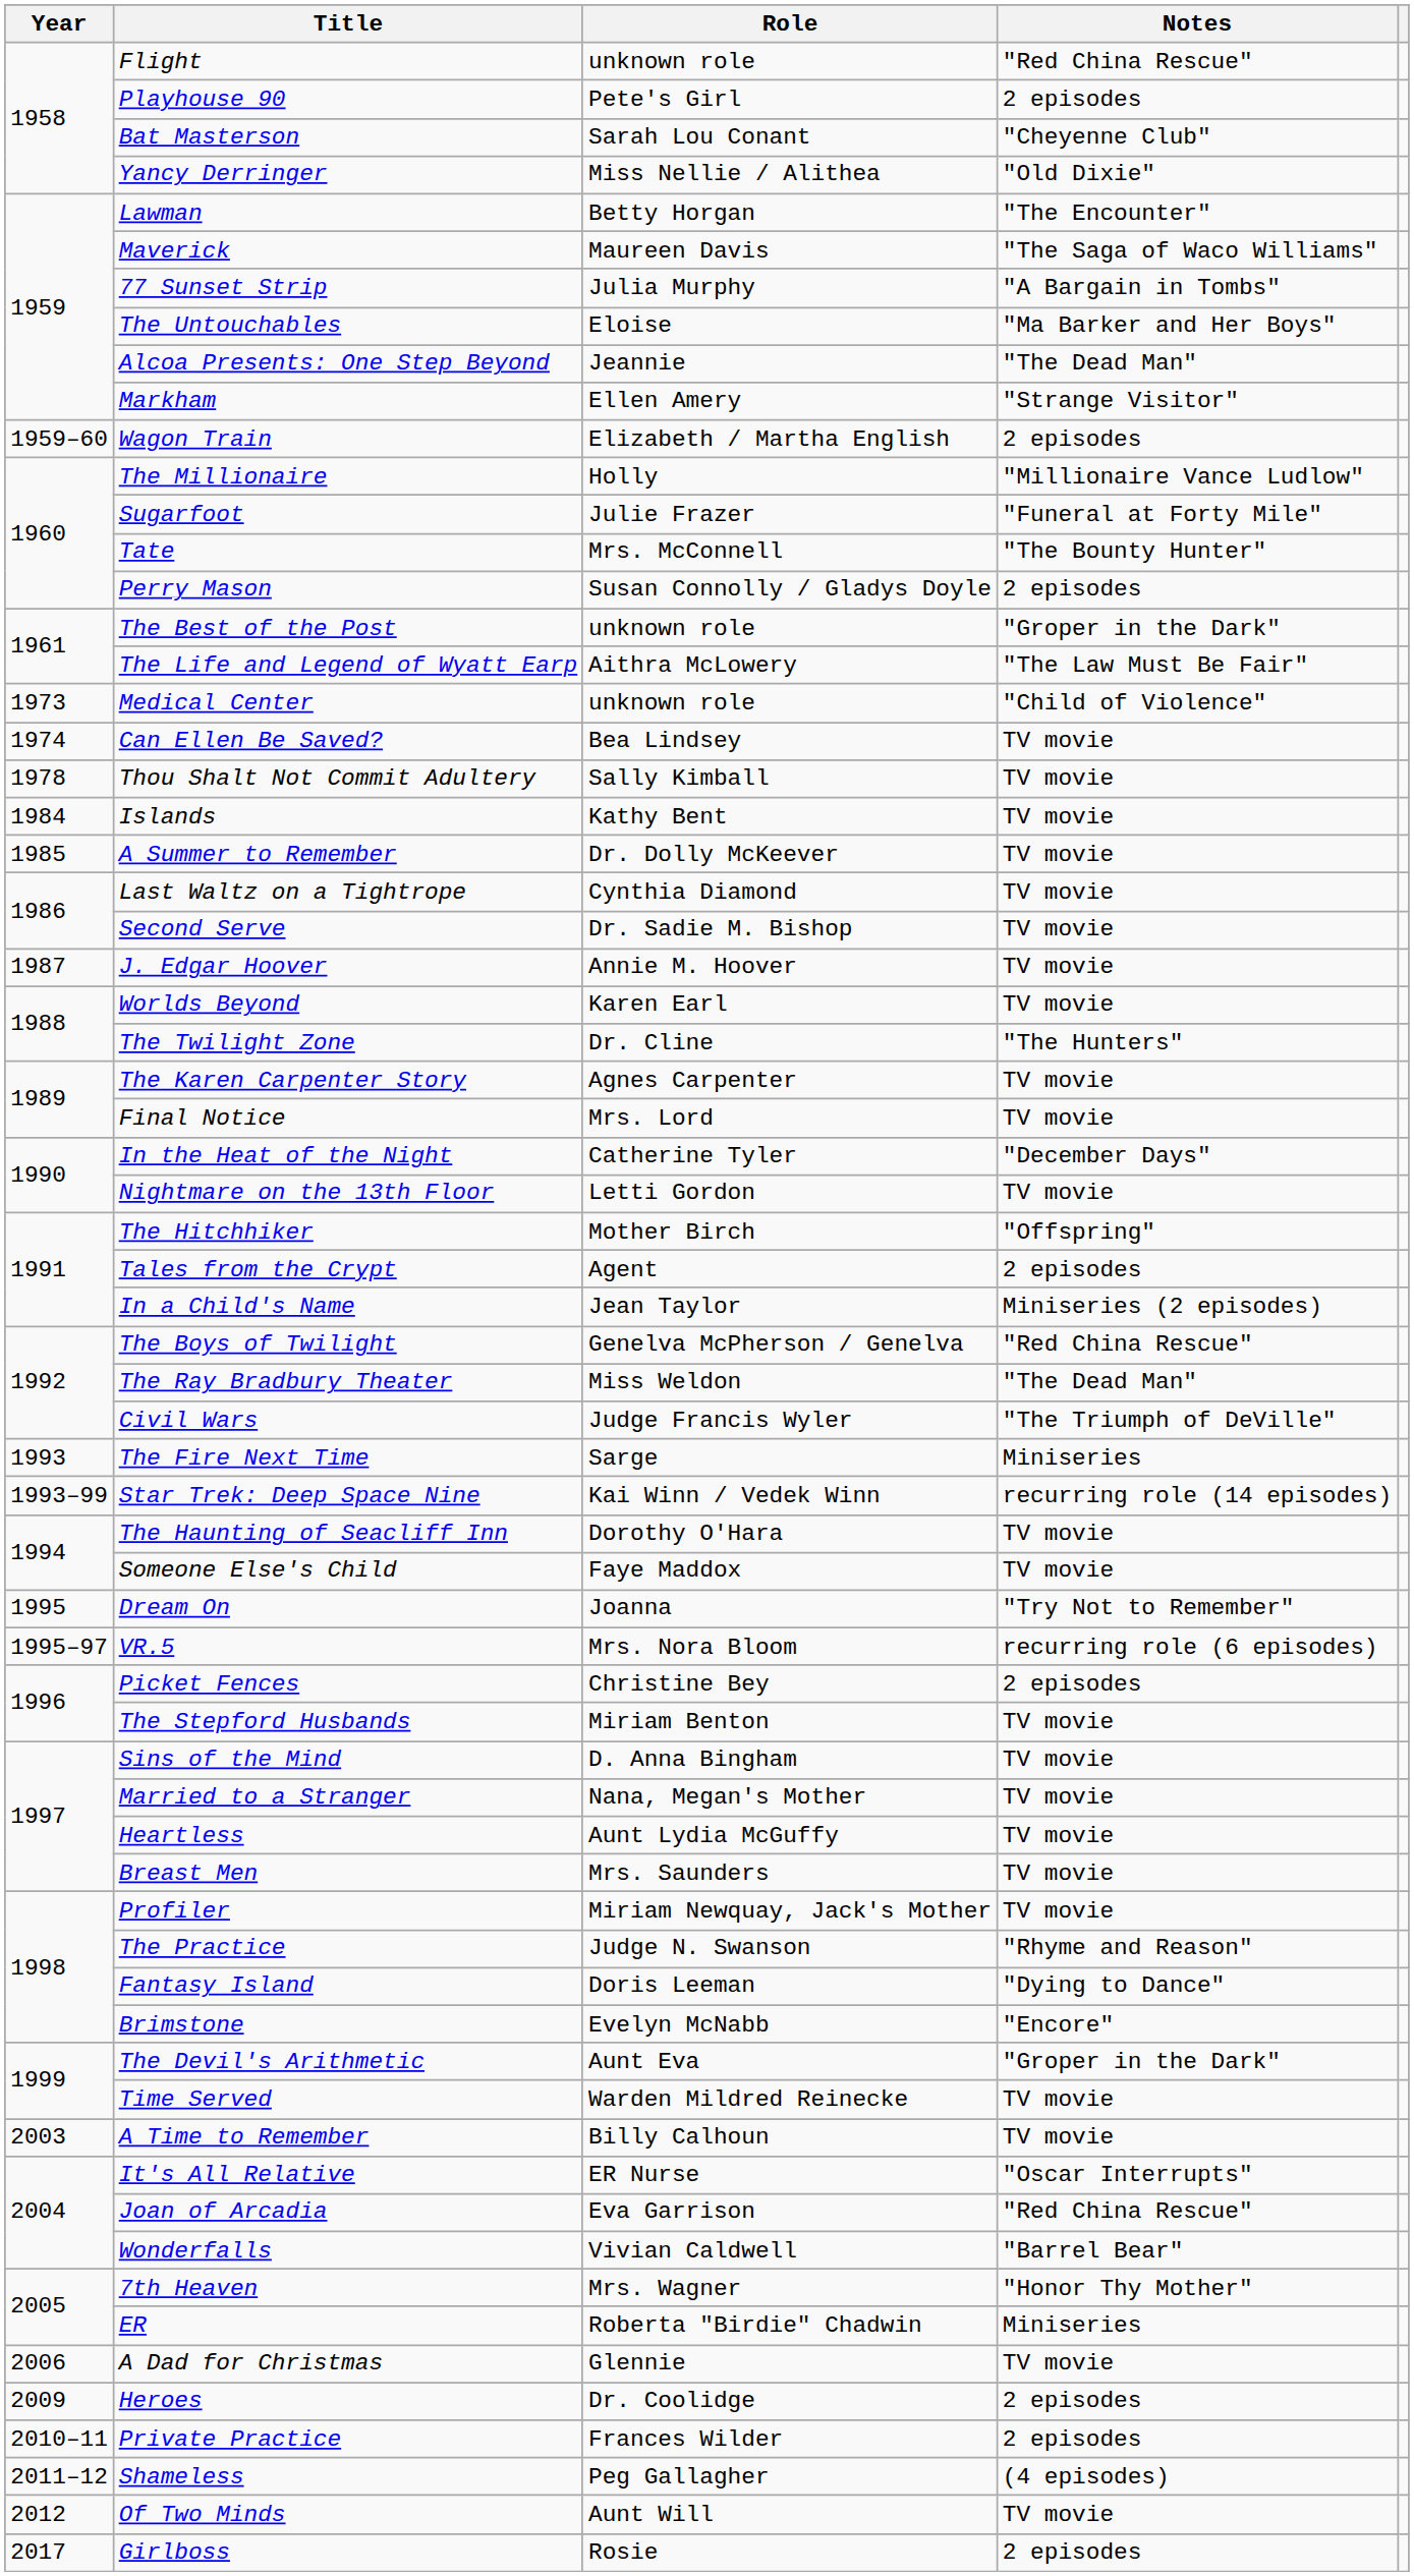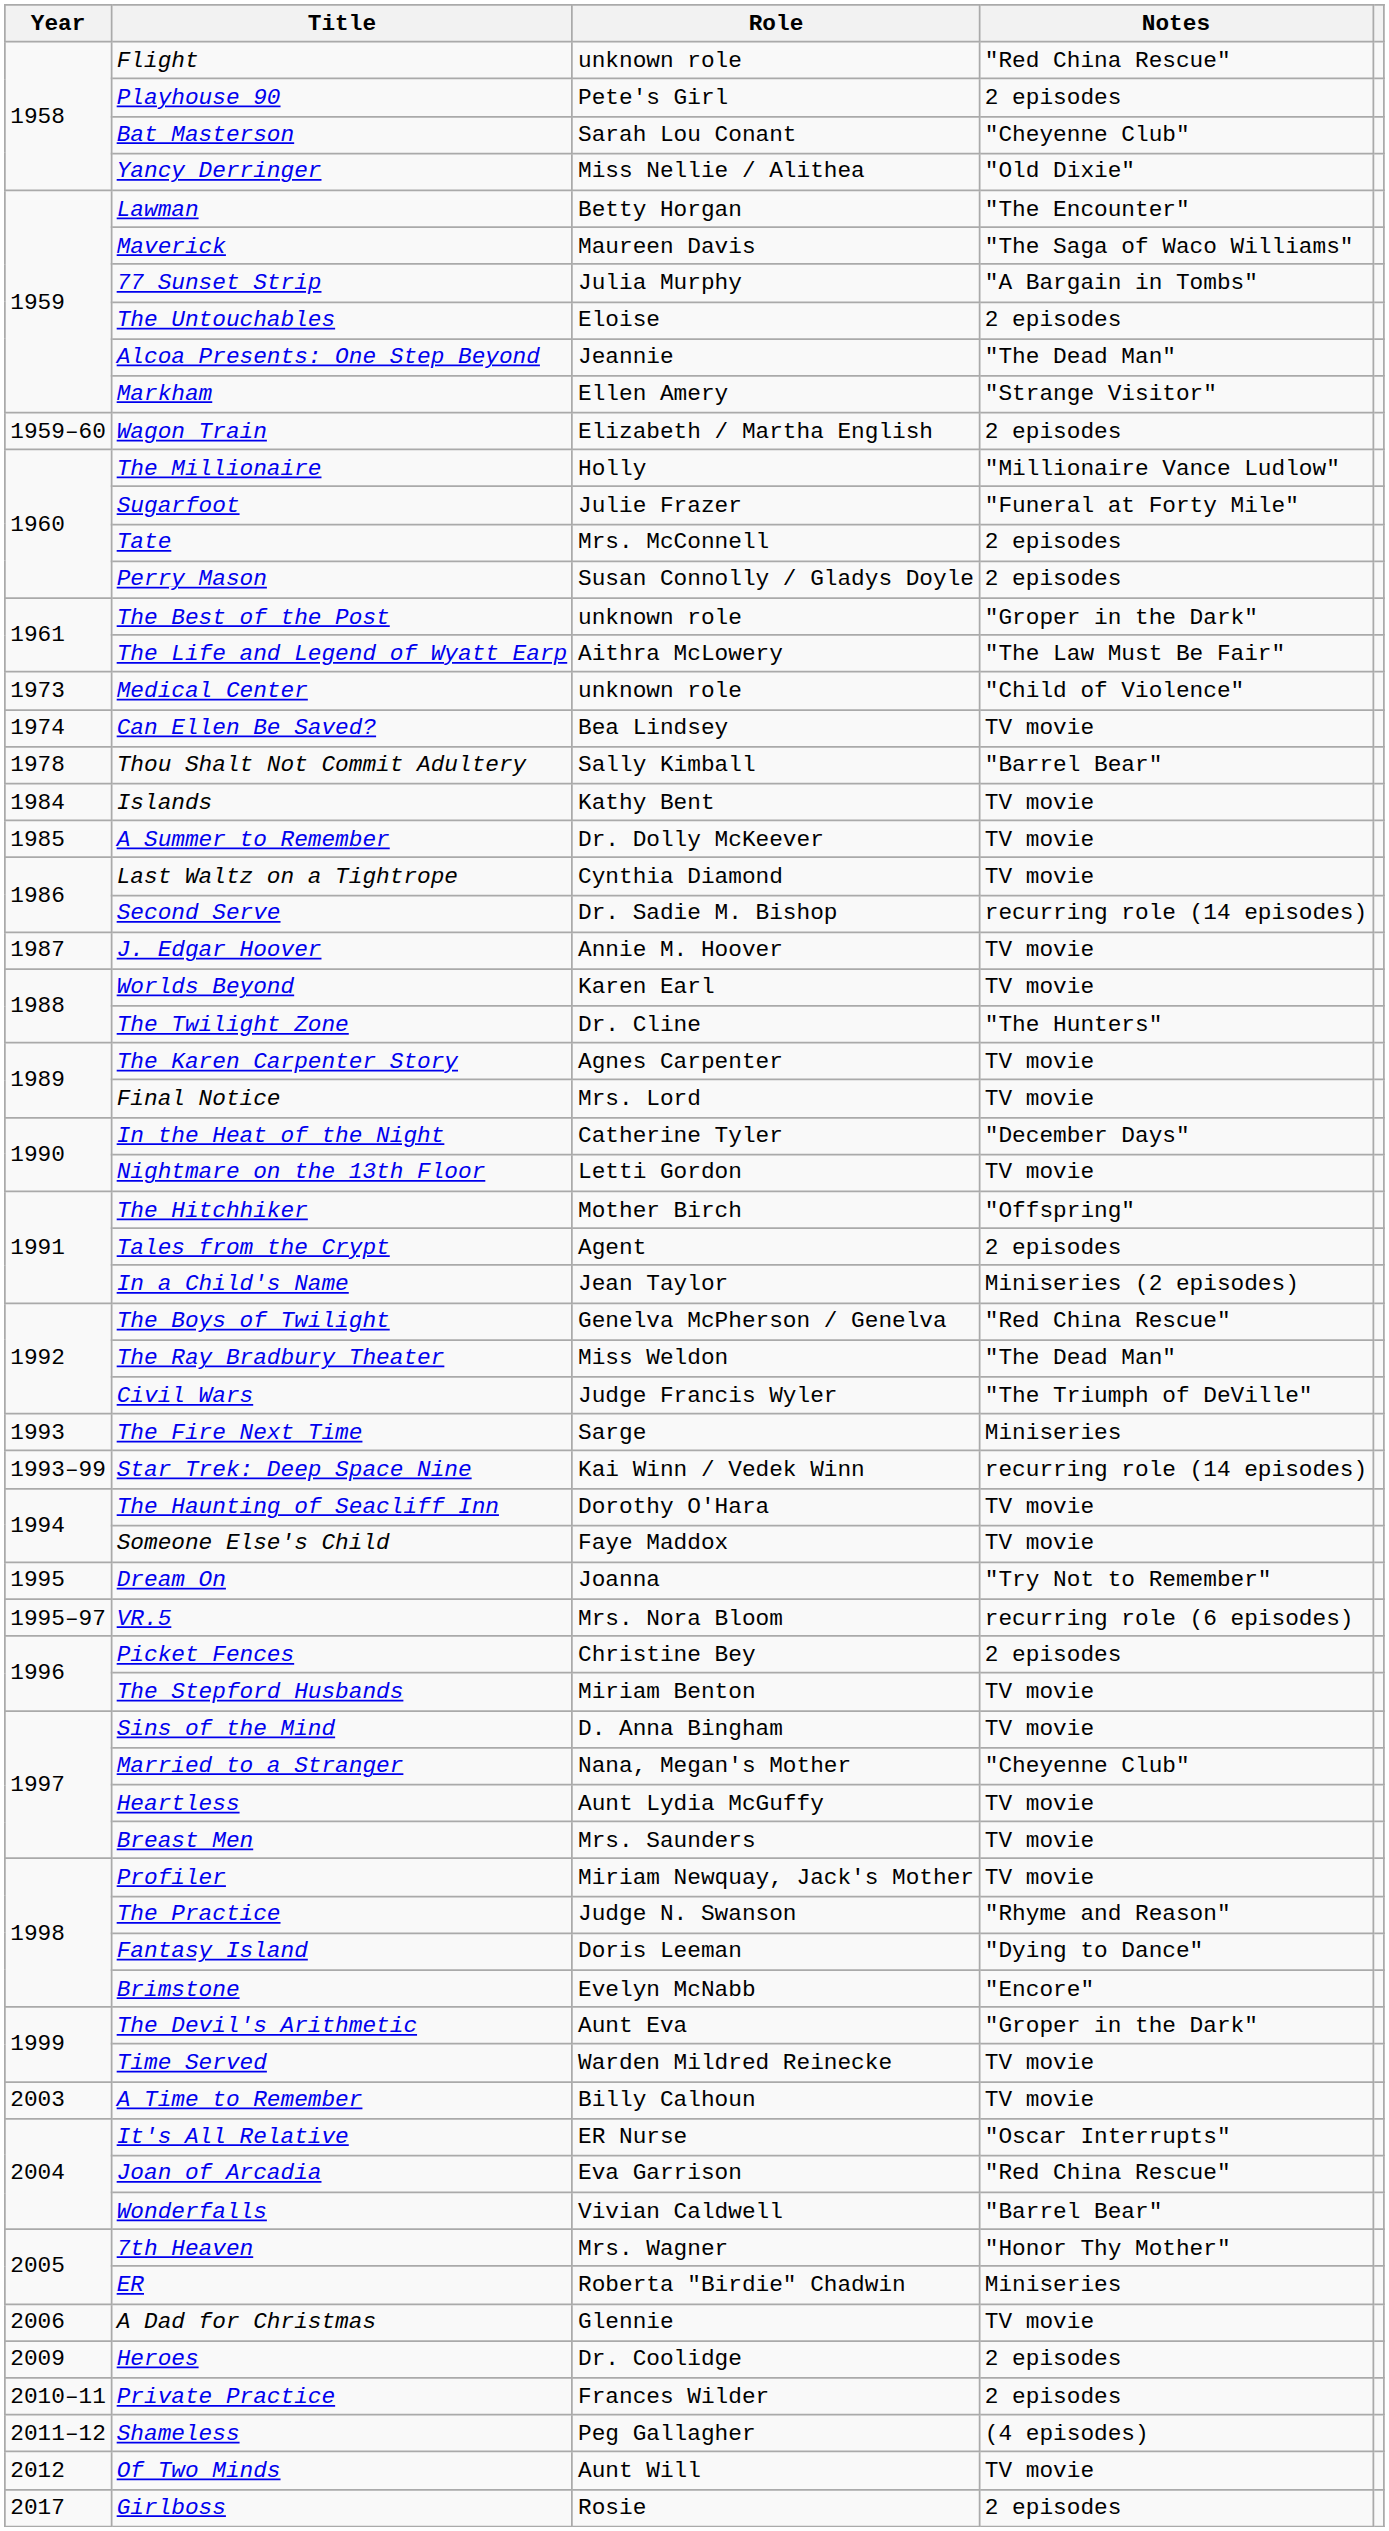 <table class="wikitable">
 <tr>
 <th>Year</th>
 <th>Title</th>
 <th>Role</th>
 <th>Notes</th>
 <th></th>
 </tr>
 <tr>
 <td rowspan=4>1958</td>
 <td><em>Flight</em></td>
 <td>unknown role</td>
 <td>"Red China Rescue"</td>
 <td></td>
 </tr>
 <tr>
 <td><em><a href='#'>Playhouse 90</a></em></td>
 <td>Pete's Girl</td>
 <td>2 episodes</td>
 <td></td>
 </tr>
 <tr>
 <td><em><a href='#'>Bat Masterson</a></em></td>
 <td>Sarah Lou Conant</td>
 <td>"Cheyenne Club"</td>
 <td></td>
 </tr>
 <tr>
 <td><em><a href='#'>Yancy Derringer</a></em></td>
 <td>Miss Nellie / Alithea</td>
 <td>"Old Dixie"</td>
 <td></td>
 </tr>
 <tr>
 <td rowspan=6>1959</td>
 <td><em><a href='#'>Lawman</a></em></td>
 <td>Betty Horgan</td>
 <td>"The Encounter"</td>
 <td></td>
 </tr>
 <tr>
 <td><em><a href='#'>Maverick</a></em></td>
 <td>Maureen Davis</td>
 <td>"The Saga of Waco Williams"</td>
 <td></td>
 </tr>
 <tr>
 <td><em><a href='#'>77 Sunset Strip</a></em></td>
 <td>Julia Murphy</td>
 <td>"A Bargain in Tombs"</td>
 <td></td>
 </tr>
 <tr>
 <td><em><a href='#'>The Untouchables</a></em></td>
 <td>Eloise</td>
-<td>"Ma Barker and Her Boys"</td>
+<td>2 episodes</td>
 <td></td>
 </tr>
 <tr>
 <td><em><a href='#'>Alcoa Presents: One Step Beyond</a></em></td>
 <td>Jeannie</td>
 <td>"The Dead Man"</td>
 <td></td>
 </tr>
 <tr>
 <td><em><a href='#'>Markham</a></em></td>
 <td>Ellen Amery</td>
 <td>"Strange Visitor"</td>
 <td></td>
 </tr>
 <tr>
 <td>1959–60</td>
 <td><em><a href='#'>Wagon Train</a></em></td>
 <td>Elizabeth / Martha English</td>
 <td>2 episodes</td>
 <td></td>
 </tr>
 <tr>
 <td rowspan=4>1960</td>
 <td><em><a href='#'>The Millionaire</a></em></td>
 <td>Holly</td>
 <td>"Millionaire Vance Ludlow"</td>
 <td></td>
 </tr>
 <tr>
 <td><em><a href='#'>Sugarfoot</a></em></td>
 <td>Julie Frazer</td>
 <td>"Funeral at Forty Mile"</td>
 <td></td>
 </tr>
 <tr>
 <td><em><a href='#'>Tate</a></em></td>
 <td>Mrs. McConnell</td>
-<td>"The Bounty Hunter"</td>
+<td>2 episodes</td>
 <td></td>
 </tr>
 <tr>
 <td><em><a href='#'>Perry Mason</a></em></td>
 <td>Susan Connolly / Gladys Doyle</td>
 <td>2 episodes</td>
 <td></td>
 </tr>
 <tr>
 <td rowspan=2>1961</td>
 <td><em><a href='#'>The Best of the Post</a></em></td>
 <td>unknown role</td>
 <td>"Groper in the Dark"</td>
 <td></td>
 </tr>
 <tr>
 <td><em><a href='#'>The Life and Legend of Wyatt Earp</a></em></td>
 <td>Aithra McLowery</td>
 <td>"The Law Must Be Fair"</td>
 <td></td>
 </tr>
 <tr>
 <td>1973</td>
 <td><em><a href='#'>Medical Center</a></em></td>
 <td>unknown role</td>
 <td>"Child of Violence"</td>
 <td></td>
 </tr>
 <tr>
 <td>1974</td>
 <td><em><a href='#'>Can Ellen Be Saved?</a></em></td>
 <td>Bea Lindsey</td>
 <td>TV movie</td>
 <td><br></td>
 </tr>
 <tr>
 <td rowspan=1>1978</td>
 <td><em>Thou Shalt Not Commit Adultery</em></td>
 <td>Sally Kimball</td>
-<td>TV movie</td>
+<td>"Barrel Bear"</td>
 <td><br> </td>
 </tr>
 <tr>
 <td>1984</td>
 <td><em>Islands</em></td>
 <td>Kathy Bent</td>
 <td>TV movie</td>
 <td></td>
 </tr>
 <tr>
 <td>1985</td>
 <td><em><a href='#'>A Summer to Remember</a></em></td>
 <td>Dr. Dolly McKeever</td>
 <td>TV movie</td>
 <td></td>
 </tr>
 <tr>
 <td rowspan=2>1986</td>
 <td><em>Last Waltz on a Tightrope</em></td>
 <td>Cynthia Diamond</td>
 <td>TV movie</td>
 <td></td>
 </tr>
 <tr>
 <td><em><a href='#'>Second Serve</a></em></td>
 <td>Dr. Sadie M. Bishop</td>
-<td>TV movie</td>
+<td>recurring role (14 episodes)</td>
 <td></td>
 </tr>
 <tr>
 <td>1987</td>
 <td><em><a href='#'>J. Edgar Hoover</a></em></td>
 <td>Annie M. Hoover</td>
 <td>TV movie</td>
 <td></td>
 </tr>
 <tr>
 <td rowspan=2>1988</td>
 <td><em><a href='#'>Worlds Beyond</a></em></td>
 <td>Karen Earl</td>
 <td>TV movie</td>
 <td></td>
 </tr>
 <tr>
 <td><em><a href='#'>The Twilight Zone</a></em></td>
 <td>Dr. Cline</td>
 <td>"The Hunters"</td>
 <td></td>
 </tr>
 <tr>
 <td rowspan=2>1989</td>
 <td><em><a href='#'>The Karen Carpenter Story</a></em></td>
 <td>Agnes Carpenter</td>
 <td>TV movie</td>
 <td></td>
 </tr>
 <tr>
 <td><em>Final Notice</em></td>
 <td>Mrs. Lord</td>
 <td>TV movie</td>
 <td></td>
 </tr>
 <tr>
 <td rowspan=2>1990</td>
 <td><em><a href='#'>In the Heat of the Night</a></em></td>
 <td>Catherine Tyler</td>
 <td>"December Days"</td>
 <td></td>
 </tr>
 <tr>
 <td><em><a href='#'>Nightmare on the 13th Floor</a></em></td>
 <td>Letti Gordon</td>
 <td>TV movie</td>
 <td></td>
 </tr>
 <tr>
 <td rowspan=3>1991</td>
 <td><em><a href='#'>The Hitchhiker</a></em></td>
 <td>Mother Birch</td>
 <td>"Offspring"</td>
 <td></td>
 </tr>
 <tr>
 <td><em><a href='#'>Tales from the Crypt</a></em></td>
 <td>Agent</td>
 <td>2 episodes</td>
 <td></td>
 </tr>
 <tr>
 <td><em><a href='#'>In a Child's Name</a></em></td>
 <td>Jean Taylor</td>
 <td>Miniseries (2 episodes)</td>
 <td></td>
 </tr>
 <tr>
 <td rowspan=3>1992</td>
 <td><em><a href='#'>The Boys of Twilight</a></em></td>
 <td>Genelva McPherson / Genelva</td>
 <td>"Red China Rescue"</td>
 <td></td>
 </tr>
 <tr>
 <td><em><a href='#'>The Ray Bradbury Theater</a></em></td>
 <td>Miss Weldon</td>
 <td>"The Dead Man"</td>
 <td></td>
 </tr>
 <tr>
 <td><em><a href='#'>Civil Wars</a></em></td>
 <td>Judge Francis Wyler</td>
 <td>"The Triumph of DeVille"</td>
 <td></td>
 </tr>
 <tr>
 <td>1993</td>
 <td><em><a href='#'>The Fire Next Time</a></em></td>
 <td>Sarge</td>
 <td>Miniseries</td>
 <td></td>
 </tr>
 <tr>
 <td>1993–99</td>
 <td><em><a href='#'>Star Trek: Deep Space Nine</a></em></td>
 <td>Kai Winn / Vedek Winn</td>
 <td>recurring role (14 episodes)</td>
 <td></td>
 </tr>
 <tr>
 <td rowspan=2>1994</td>
 <td><em><a href='#'>The Haunting of Seacliff Inn</a></em></td>
 <td>Dorothy O'Hara</td>
 <td>TV movie</td>
 <td></td>
 </tr>
 <tr>
 <td><em>Someone Else's Child</em></td>
 <td>Faye Maddox</td>
 <td>TV movie</td>
 <td></td>
 </tr>
 <tr>
 <td>1995</td>
 <td><em><a href='#'>Dream On</a></em></td>
 <td>Joanna</td>
 <td>"Try Not to Remember"</td>
 <td></td>
 </tr>
 <tr>
 <td>1995–97</td>
 <td><em><a href='#'>VR.5</a></em></td>
 <td>Mrs. Nora Bloom</td>
 <td>recurring role (6 episodes)</td>
 <td></td>
 </tr>
 <tr>
 <td rowspan=2>1996</td>
 <td><em><a href='#'>Picket Fences</a></em></td>
 <td>Christine Bey</td>
 <td>2 episodes</td>
 <td></td>
 </tr>
 <tr>
 <td><em><a href='#'>The Stepford Husbands</a></em></td>
 <td>Miriam Benton</td>
 <td>TV movie</td>
 <td></td>
 </tr>
 <tr>
 <td rowspan=4>1997</td>
 <td><em><a href='#'>Sins of the Mind</a></em></td>
 <td>D. Anna Bingham</td>
 <td>TV movie</td>
 <td></td>
 </tr>
 <tr>
 <td><em><a href='#'>Married to a Stranger</a></em></td>
 <td>Nana, Megan's Mother</td>
-<td>TV movie</td>
+<td>"Cheyenne Club"</td>
 <td></td>
 </tr>
 <tr>
 <td><em><a href='#'>Heartless</a></em></td>
 <td>Aunt Lydia McGuffy</td>
 <td>TV movie</td>
 <td></td>
 </tr>
 <tr>
 <td><em><a href='#'>Breast Men</a></em></td>
 <td>Mrs. Saunders</td>
 <td>TV movie</td>
 <td></td>
 </tr>
 <tr>
 <td rowspan=4>1998</td>
 <td><em><a href='#'>Profiler</a></em></td>
 <td>Miriam Newquay, Jack's Mother</td>
 <td>TV movie</td>
 <td></td>
 </tr>
 <tr>
 <td><em><a href='#'>The Practice</a></em></td>
 <td>Judge N. Swanson</td>
 <td>"Rhyme and Reason"</td>
 <td></td>
 </tr>
 <tr>
 <td><em><a href='#'>Fantasy Island</a></em></td>
 <td>Doris Leeman</td>
 <td>"Dying to Dance"</td>
 <td></td>
 </tr>
 <tr>
 <td><em><a href='#'>Brimstone</a></em></td>
 <td>Evelyn McNabb</td>
 <td>"Encore"</td>
 <td></td>
 </tr>
 <tr>
 <td rowspan=2>1999</td>
 <td><em><a href='#'>The Devil's Arithmetic</a></em></td>
 <td>Aunt Eva</td>
 <td>"Groper in the Dark"</td>
 <td></td>
 </tr>
 <tr>
 <td><em><a href='#'>Time Served</a></em></td>
 <td>Warden Mildred Reinecke</td>
 <td>TV movie</td>
 <td><br></td>
 </tr>
 <tr>
 <td>2003</td>
 <td><em><a href='#'>A Time to Remember</a></em></td>
 <td>Billy Calhoun</td>
 <td>TV movie</td>
 <td></td>
 </tr>
 <tr>
 <td rowspan=3>2004</td>
 <td><em><a href='#'>It's All Relative</a></em></td>
 <td>ER Nurse</td>
 <td>"Oscar Interrupts"</td>
 <td></td>
 </tr>
 <tr>
 <td><em><a href='#'>Joan of Arcadia</a></em></td>
 <td>Eva Garrison</td>
 <td>"Red China Rescue"</td>
 <td></td>
 </tr>
 <tr>
 <td><em><a href='#'>Wonderfalls</a></em></td>
 <td>Vivian Caldwell</td>
 <td>"Barrel Bear"</td>
 <td><br></td>
 </tr>
 <tr>
 <td rowspan=2>2005</td>
 <td><em><a href='#'>7th Heaven</a></em></td>
 <td>Mrs. Wagner</td>
 <td>"Honor Thy Mother"</td>
 <td></td>
 </tr>
 <tr>
 <td><em><a href='#'>ER</a></em></td>
 <td>Roberta "Birdie" Chadwin</td>
 <td>Miniseries</td>
 <td></td>
 </tr>
 <tr>
 <td>2006</td>
 <td><em>A Dad for Christmas</em></td>
 <td>Glennie</td>
 <td>TV movie</td>
 <td></td>
 </tr>
 <tr>
 <td>2009</td>
 <td><em><a href='#'>Heroes</a></em></td>
 <td>Dr. Coolidge</td>
 <td>2 episodes</td>
 <td></td>
 </tr>
 <tr>
 <td>2010–11</td>
 <td><em><a href='#'>Private Practice</a></em></td>
 <td>Frances Wilder</td>
 <td>2 episodes</td>
 <td></td>
 </tr>
 <tr>
 <td>2011–12</td>
 <td><a href='#'><em>Shameless</em></a></td>
 <td>Peg Gallagher</td>
 <td>(4 episodes)</td>
 <td></td>
 </tr>
 <tr>
 <td rowspan=1>2012</td>
 <td><em><a href='#'>Of Two Minds</a></em></td>
 <td>Aunt Will</td>
 <td>TV movie</td>
 <td><br></td>
 </tr>
 <tr>
 <td>2017</td>
 <td><em><a href='#'>Girlboss</a></em></td>
 <td>Rosie</td>
 <td>2 episodes</td>
 <td></td>
 </tr>
 </table>
